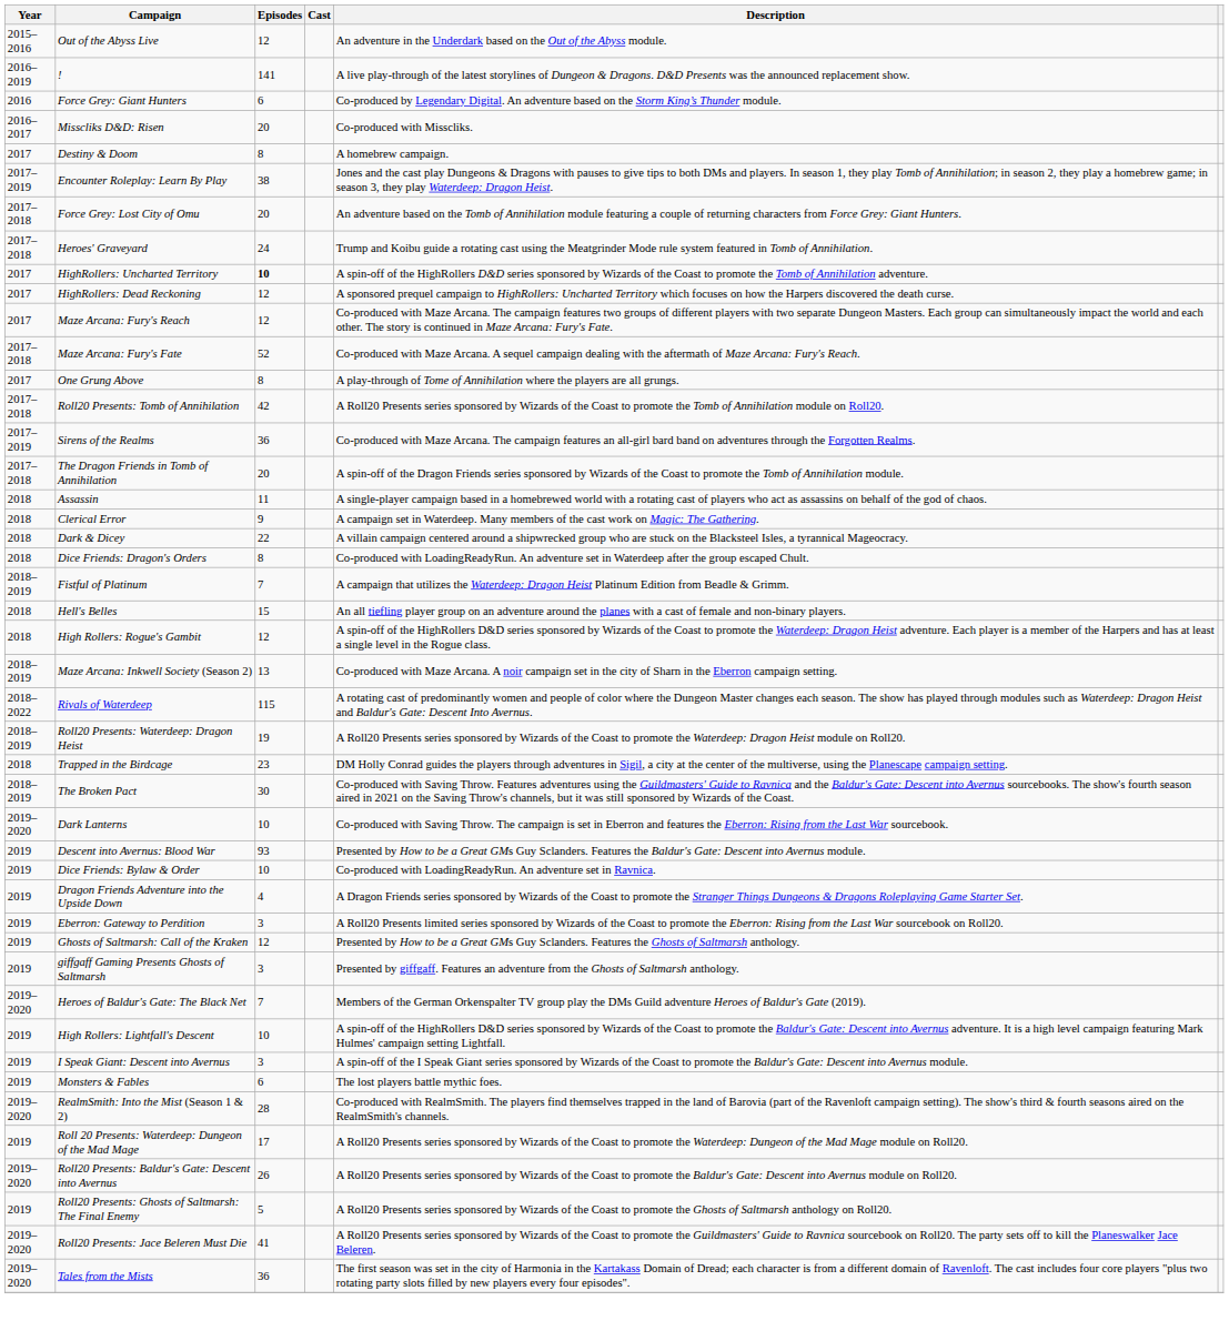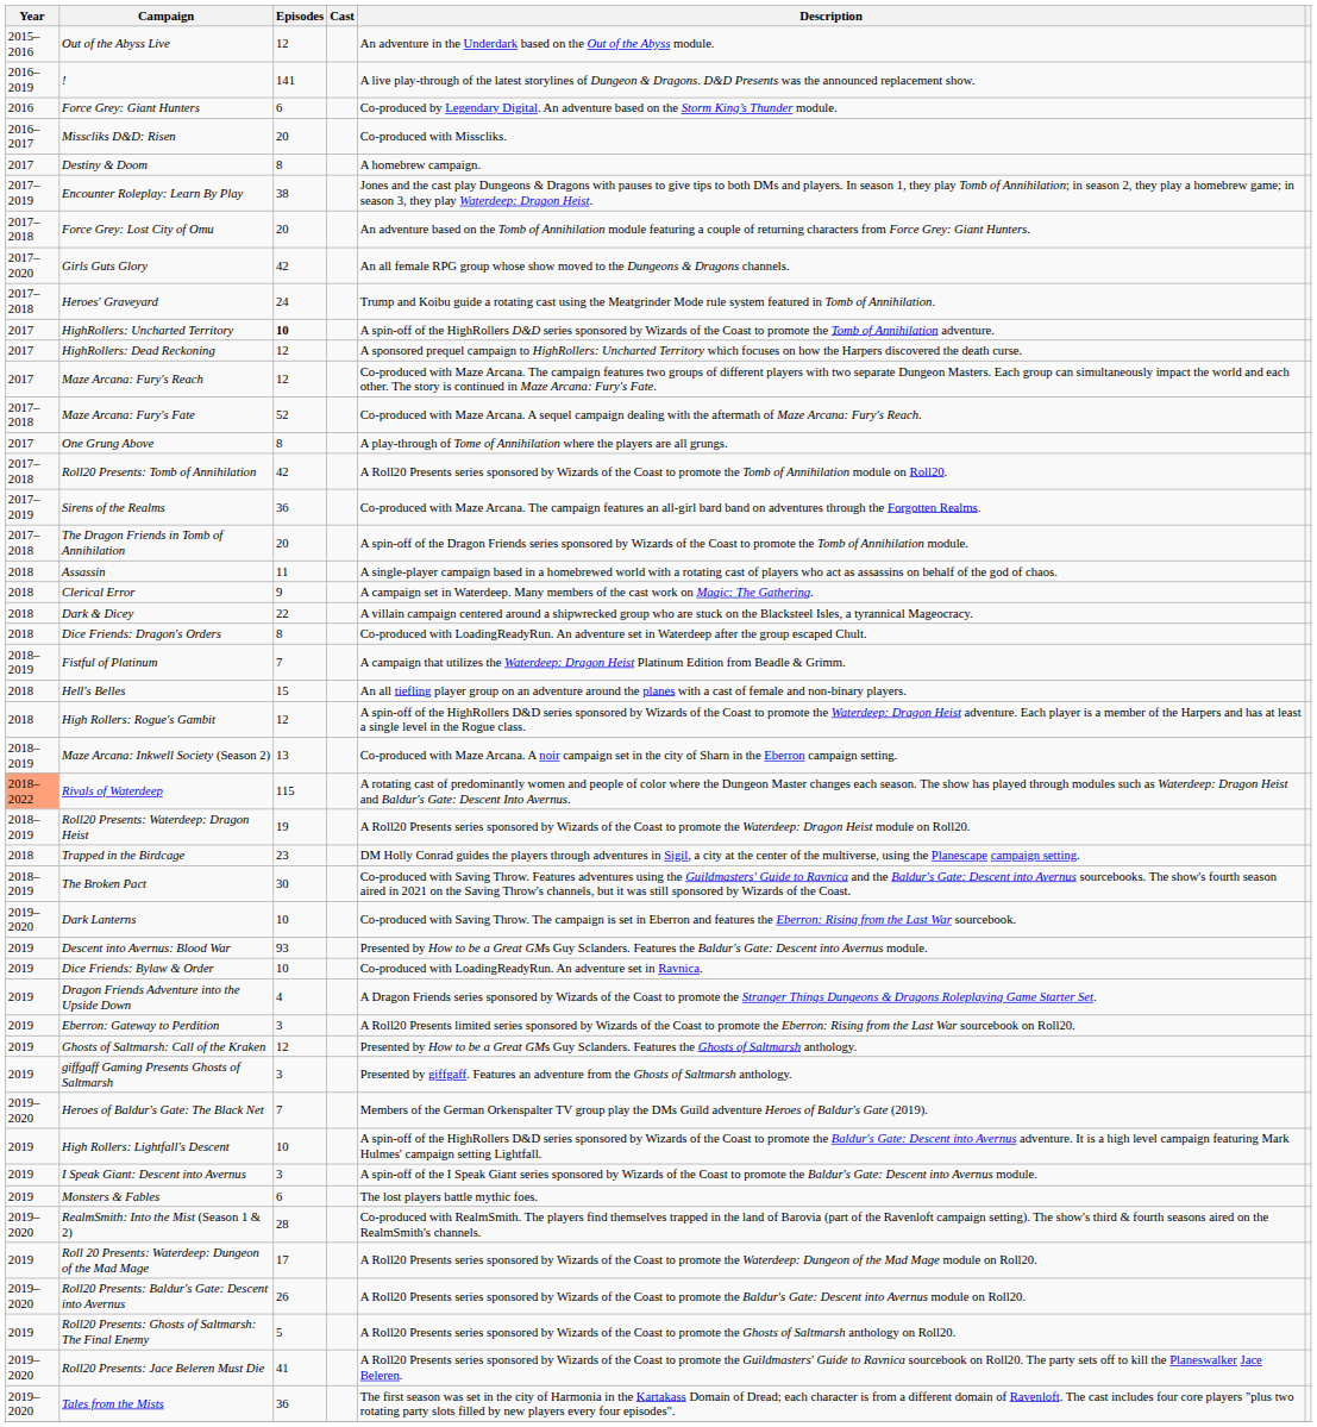 <table class="wikitable sortable" style="margins:auto; width=95%; font-size: 95%;">
 <tr>
 <th>Year</th>
 <th>Campaign</th>
 <th>Episodes</th>
 <th>Cast</th>
 <th>Description</th>
 <th></th>
 </tr>
 <tr>
 <td>2015–2016</td>
 <td><em>Out of the Abyss Live</em></td>
 <td>12</td>
 <td></td>
 <td>An adventure in the <a href='#'>Underdark</a> based on the <em><a href='#'>Out of the Abyss</a></em> module.</td>
 <td></td>
 </tr>
 <tr>
 <td>2016–2019</td>
 <td><em>!</em></td>
 <td>141</td>
 <td></td>
 <td>A live play-through of the latest storylines of <em>Dungeon & Dragons</em>. <em>D&D Presents</em> was the announced replacement show.</td>
 <td></td>
 </tr>
 <tr>
 <td>2016</td>
 <td><em>Force Grey: Giant Hunters</em></td>
 <td>6</td>
 <td></td>
 <td>Co-produced by <a href='#'>Legendary Digital</a>. An adventure based on the <em><a href='#'>Storm King’s Thunder</a></em> module.</td>
 <td></td>
 </tr>
 <tr>
 <td>2016–2017</td>
 <td><em>Misscliks D&D: Risen</em></td>
 <td>20</td>
 <td></td>
 <td>Co-produced with Misscliks.</td>
 <td></td>
 </tr>
 <tr>
 <td>2017</td>
 <td><em>Destiny & Doom</em></td>
 <td>8</td>
 <td></td>
 <td>A homebrew campaign.</td>
 <td></td>
 </tr>
 <tr>
 <td>2017–2019</td>
 <td><em>Encounter Roleplay: Learn By Play</em></td>
 <td>38</td>
 <td></td>
 <td>Jones and the cast play Dungeons & Dragons with pauses to give tips to both DMs and players. In season 1, they play <em>Tomb of Annihilation</em>; in season 2, they play a homebrew game; in season 3, they play <em><a href='#'>Waterdeep: Dragon Heist</a></em>.</td>
 <td></td>
 </tr>
 <tr>
 <td>2017–2018</td>
 <td><em>Force Grey: Lost City of Omu</em></td>
 <td>20</td>
 <td></td>
 <td>An adventure based on the <em>Tomb of Annihilation</em> module featuring a couple of returning characters from <em>Force Grey: Giant Hunters</em>.</td>
+<td></td>
+</tr>
+<tr>
+<td>2017–2020</td>
+<td><em>Girls Guts Glory</em></td>
+<td>42</td>
+<td></td>
+<td>An all female RPG group whose show moved to the <em>Dungeons & Dragons</em> channels.</td>
 <td></td>
 </tr>
 <tr>
 <td>2017–2018</td>
 <td><em>Heroes' Graveyard</em></td>
 <td>24</td>
 <td></td>
 <td>Trump and Koibu guide a rotating cast using the Meatgrinder Mode rule system featured in <em>Tomb of Annihilation</em>.</td>
 <td></td>
 </tr>
 <tr>
 <td>2017</td>
 <td><em>HighRollers: Uncharted Territory</em></td>
 <td><strong>10</strong></td>
 <td></td>
 <td>A spin-off of the HighRollers <em>D&D</em> series sponsored by Wizards of the Coast to promote the <em><a href='#'>Tomb of Annihilation</a></em> adventure.</td>
 <td></td>
 </tr>
 <tr>
 <td>2017</td>
 <td><em>HighRollers: Dead Reckoning</em></td>
 <td>12</td>
 <td></td>
 <td>A sponsored prequel campaign to <em>HighRollers: Uncharted Territory</em> which focuses on how the Harpers discovered the death curse.</td>
 <td></td>
 </tr>
 <tr>
 <td>2017</td>
 <td><em>Maze Arcana: Fury's Reach</em></td>
 <td>12</td>
 <td></td>
 <td>Co-produced with Maze Arcana. The campaign features two groups of different players with two separate Dungeon Masters. Each group can simultaneously impact the world and each other. The story is continued in <em>Maze Arcana: Fury's Fate</em>.</td>
 <td></td>
 </tr>
 <tr>
 <td>2017–2018</td>
 <td><em>Maze Arcana: Fury's Fate</em></td>
 <td>52</td>
 <td></td>
 <td>Co-produced with Maze Arcana. A sequel campaign dealing with the aftermath of <em>Maze Arcana: Fury's Reach</em>.</td>
 <td></td>
 </tr>
 <tr>
 <td>2017</td>
 <td><em>One Grung Above</em></td>
 <td>8</td>
 <td></td>
 <td>A play-through of <em>Tome of Annihilation</em> where the players are all grungs.</td>
 <td></td>
 </tr>
 <tr>
 <td>2017–2018</td>
 <td><em>Roll20 Presents: Tomb of Annihilation</em></td>
 <td>42</td>
 <td></td>
 <td>A Roll20 Presents series sponsored by Wizards of the Coast to promote the <em>Tomb of Annihilation</em> module on <a href='#'>Roll20</a>.</td>
 <td></td>
 </tr>
 <tr>
 <td>2017–2019</td>
 <td><em>Sirens of the Realms</em></td>
 <td>36</td>
 <td></td>
 <td>Co-produced with Maze Arcana. The campaign features an all-girl bard band on adventures through the <a href='#'>Forgotten Realms</a>.</td>
 <td></td>
 </tr>
 <tr>
 <td>2017–2018</td>
 <td><em>The Dragon Friends in Tomb of Annihilation</em></td>
 <td>20</td>
 <td></td>
 <td>A spin-off of the Dragon Friends series sponsored by Wizards of the Coast to promote the <em>Tomb of Annihilation</em> module.</td>
 <td></td>
 </tr>
 <tr>
 <td>2018</td>
 <td><em>Assassin</em></td>
 <td>11</td>
 <td></td>
 <td>A single-player campaign based in a homebrewed world with a rotating cast of players who act as assassins on behalf of the god of chaos.</td>
 <td></td>
 </tr>
 <tr>
 <td>2018</td>
 <td><em>Clerical Error</em></td>
 <td>9</td>
 <td></td>
 <td>A campaign set in Waterdeep. Many members of the cast work on <em><a href='#'>Magic: The Gathering</a></em>.</td>
 <td></td>
 </tr>
 <tr>
 <td>2018</td>
 <td><em>Dark & Dicey</em></td>
 <td>22</td>
 <td></td>
 <td>A villain campaign centered around a shipwrecked group who are stuck on the Blacksteel Isles, a tyrannical Mageocracy.</td>
 <td></td>
 </tr>
 <tr>
 <td>2018</td>
 <td><em>Dice Friends: Dragon's Orders</em></td>
 <td>8</td>
 <td></td>
 <td>Co-produced with LoadingReadyRun. An adventure set in Waterdeep after the group escaped Chult.</td>
 <td></td>
 </tr>
 <tr>
 <td>2018–2019</td>
 <td><em>Fistful of Platinum</em></td>
 <td>7</td>
 <td></td>
 <td>A campaign that utilizes the <em><a href='#'>Waterdeep: Dragon Heist</a></em> Platinum Edition from Beadle & Grimm.</td>
 <td></td>
 </tr>
 <tr>
 <td>2018</td>
 <td><em>Hell's Belles</em></td>
 <td>15</td>
 <td></td>
 <td>An all <a href='#'>tiefling</a> player group on an adventure around the <a href='#'>planes</a> with a cast of female and non-binary players.</td>
 <td></td>
 </tr>
 <tr>
 <td>2018</td>
 <td><em>High Rollers: Rogue's Gambit</em></td>
 <td>12</td>
 <td></td>
 <td>A spin-off of the HighRollers D&D series sponsored by Wizards of the Coast to promote the <em><a href='#'>Waterdeep: Dragon Heist</a></em> adventure. Each player is a member of the Harpers and has at least a single level in the Rogue class.</td>
 <td></td>
 </tr>
 <tr>
 <td>2018–2019</td>
 <td><em>Maze Arcana: Inkwell Society</em> (Season 2)</td>
 <td>13</td>
 <td></td>
 <td>Co-produced with Maze Arcana. A <a href='#'>noir</a> campaign set in the city of Sharn in the <a href='#'>Eberron</a> campaign setting.</td>
 <td></td>
 </tr>
 <tr>
-<td>2018–2022</td>
+<td style="background: lightsalmon;">2018–2022</td>
 <td><em><a href='#'>Rivals of Waterdeep</a></em></td>
 <td>115</td>
 <td></td>
 <td>A rotating cast of predominantly women and people of color where the Dungeon Master changes each season. The show has played through modules such as <em>Waterdeep: Dragon Heist</em> and <em>Baldur's Gate: Descent Into Avernus</em>.</td>
 <td></td>
 </tr>
 <tr>
 <td>2018–2019</td>
 <td><em>Roll20 Presents: Waterdeep: Dragon Heist</em></td>
 <td>19</td>
 <td></td>
 <td>A Roll20 Presents series sponsored by Wizards of the Coast to promote the <em>Waterdeep: Dragon Heist</em> module on Roll20.</td>
 <td></td>
 </tr>
 <tr>
 <td>2018</td>
 <td><em>Trapped in the Birdcage</em></td>
 <td>23</td>
 <td></td>
 <td>DM Holly Conrad guides the players through adventures in <a href='#'>Sigil</a>, a city at the center of the multiverse, using the <a href='#'>Planescape</a> <a href='#'>campaign setting</a>.</td>
 <td></td>
 </tr>
 <tr>
 <td>2018–2019</td>
 <td><em>The Broken Pact</em></td>
 <td>30</td>
 <td></td>
 <td>Co-produced with Saving Throw. Features adventures using the <em><a href='#'>Guildmasters' Guide to Ravnica</a></em> and the <em><a href='#'>Baldur's Gate: Descent into Avernus</a></em> sourcebooks. The show's fourth season aired in 2021 on the Saving Throw's channels, but it was still sponsored by Wizards of the Coast.</td>
 <td></td>
 </tr>
 <tr>
 <td>2019–2020</td>
 <td><em>Dark Lanterns</em></td>
 <td>10</td>
 <td></td>
 <td>Co-produced with Saving Throw. The campaign is set in Eberron and features the <em><a href='#'>Eberron: Rising from the Last War</a></em> sourcebook.</td>
 <td></td>
 </tr>
 <tr>
 <td>2019</td>
 <td><em>Descent into Avernus: Blood War</em></td>
 <td>93</td>
 <td></td>
 <td>Presented by <em>How to be a Great GM</em>s Guy Sclanders. Features the <em>Baldur's Gate: Descent into Avernus</em> module.</td>
 <td></td>
 </tr>
 <tr>
 <td>2019</td>
 <td><em>Dice Friends: Bylaw & Order</em></td>
 <td>10</td>
 <td></td>
 <td>Co-produced with LoadingReadyRun. An adventure set in <a href='#'>Ravnica</a>.</td>
 <td></td>
 </tr>
 <tr>
 <td>2019</td>
 <td><em>Dragon Friends Adventure into the Upside Down</em></td>
 <td>4</td>
 <td></td>
 <td>A Dragon Friends series sponsored by Wizards of the Coast to promote the <a href='#'><em>Stranger Things Dungeons & Dragons Roleplaying Game Starter Set</em></a>.</td>
 <td></td>
 </tr>
 <tr>
 <td>2019</td>
 <td><em>Eberron: Gateway to Perdition</em></td>
 <td>3</td>
 <td></td>
 <td>A Roll20 Presents limited series sponsored by Wizards of the Coast to promote the <em>Eberron: Rising from the Last War</em> sourcebook on Roll20.</td>
 <td></td>
 </tr>
 <tr>
 <td>2019</td>
 <td><em>Ghosts of Saltmarsh: Call of the Kraken</em></td>
 <td>12</td>
 <td></td>
 <td>Presented by <em>How to be a Great GM</em>s Guy Sclanders. Features the <em><a href='#'>Ghosts of Saltmarsh</a></em> anthology.</td>
 <td></td>
 </tr>
 <tr>
 <td>2019</td>
 <td><em>giffgaff Gaming Presents Ghosts of Saltmarsh</em></td>
 <td>3</td>
 <td></td>
 <td>Presented by <a href='#'>giffgaff</a>. Features an adventure from the <em>Ghosts of Saltmarsh</em> anthology.</td>
 <td></td>
 </tr>
 <tr>
 <td>2019–2020</td>
 <td><em>Heroes of Baldur's Gate: The Black Net</em></td>
 <td>7</td>
 <td></td>
 <td>Members of the German Orkenspalter TV group play the DMs Guild adventure <em>Heroes of Baldur's Gate</em> (2019).</td>
 <td></td>
 </tr>
 <tr>
 <td>2019</td>
 <td><em>High Rollers: Lightfall's Descent</em></td>
 <td>10</td>
 <td></td>
 <td>A spin-off of the HighRollers D&D series sponsored by Wizards of the Coast to promote the <em><a href='#'>Baldur's Gate: Descent into Avernus</a></em> adventure. It is a high level campaign featuring Mark Hulmes' campaign setting Lightfall.</td>
 <td></td>
 </tr>
 <tr>
 <td>2019</td>
 <td><em>I Speak Giant: Descent into Avernus</em></td>
 <td>3</td>
 <td></td>
 <td>A spin-off of the I Speak Giant series sponsored by Wizards of the Coast to promote the <em>Baldur's Gate: Descent into Avernus</em> module.</td>
 <td></td>
 </tr>
 <tr>
 <td>2019</td>
 <td><em>Monsters & Fables</em></td>
 <td>6</td>
 <td></td>
 <td>The lost players battle mythic foes.</td>
 <td></td>
 </tr>
 <tr>
 <td>2019–2020</td>
 <td><em>RealmSmith: Into the Mist</em> (Season 1 & 2)</td>
 <td>28</td>
 <td></td>
 <td>Co-produced with RealmSmith. The players find themselves trapped in the land of Barovia (part of the Ravenloft campaign setting). The show's third & fourth seasons aired on the RealmSmith's channels.</td>
 <td></td>
 </tr>
 <tr>
 <td>2019</td>
 <td><em>Roll 20 Presents: Waterdeep: Dungeon of the Mad Mage</em></td>
 <td>17</td>
 <td></td>
 <td>A Roll20 Presents series sponsored by Wizards of the Coast to promote the <em>Waterdeep: Dungeon of the Mad Mage</em> module on Roll20.</td>
 <td></td>
 </tr>
 <tr>
 <td>2019–2020</td>
 <td><em>Roll20 Presents: Baldur's Gate: Descent into Avernus</em></td>
 <td>26</td>
 <td></td>
 <td>A Roll20 Presents series sponsored by Wizards of the Coast to promote the <em>Baldur's Gate: Descent into Avernus</em> module on Roll20.</td>
 <td></td>
 </tr>
 <tr>
 <td>2019</td>
 <td><em>Roll20 Presents: Ghosts of Saltmarsh: The Final Enemy</em></td>
 <td>5</td>
 <td></td>
 <td>A Roll20 Presents series sponsored by Wizards of the Coast to promote the <em>Ghosts of Saltmarsh</em> anthology on Roll20.</td>
 <td></td>
 </tr>
 <tr>
 <td>2019–2020</td>
 <td><em>Roll20 Presents: Jace Beleren Must Die</em></td>
 <td>41</td>
 <td></td>
 <td>A Roll20 Presents series sponsored by Wizards of the Coast to promote the <em>Guildmasters' Guide to Ravnica</em> sourcebook on Roll20. The party sets off to kill the <a href='#'>Planeswalker</a> <a href='#'>Jace Beleren</a>.</td>
 <td></td>
 </tr>
 <tr>
 <td>2019–2020</td>
 <td><em><a href='#'>Tales from the Mists</a></em></td>
 <td>36</td>
 <td></td>
 <td>The first season was set in the city of Harmonia in the <a href='#'>Kartakass</a> Domain of Dread; each character is from a different domain of <a href='#'>Ravenloft</a>. The cast includes four core players "plus two rotating party slots filled by new players every four episodes".</td>
 <td></td>
 </tr>
 <tr>
 </tr>
 </table>
